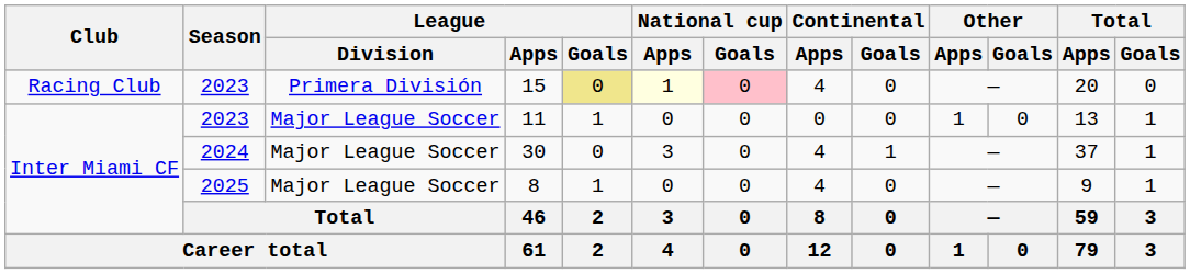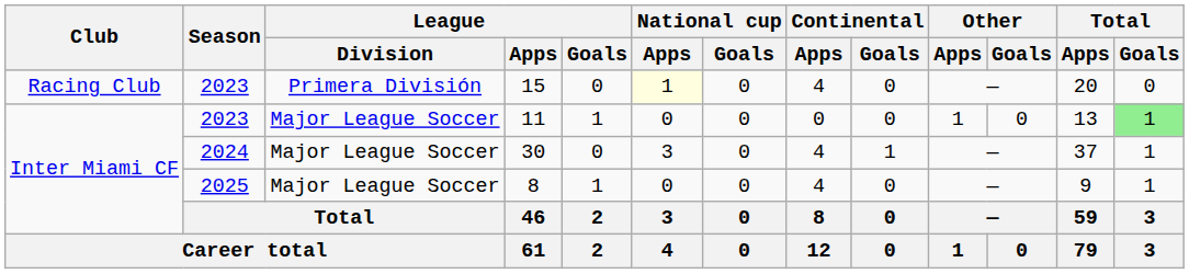 <table class="wikitable" style="text-align:center">
 <tr>
 <th rowspan="2">Club</th>
 <th rowspan="2">Season</th>
 <th colspan="3">League</th>
 <th colspan="2">National cup</th>
 <th colspan="2">Continental</th>
 <th colspan="2">Other</th>
 <th colspan="2">Total</th>
 </tr>
 <tr>
 <th>Division</th>
 <th>Apps</th>
 <th>Goals</th>
 <th>Apps</th>
 <th>Goals</th>
 <th>Apps</th>
 <th>Goals</th>
 <th>Apps</th>
 <th>Goals</th>
 <th>Apps</th>
 <th>Goals</th>
 </tr>
 <tr>
 <td><a href='#'>Racing Club</a></td>
 <td><a href='#'>2023</a></td>
 <td><a href='#'>Primera División</a></td>
 <td>15</td>
-<td style="background: khaki;">0</td>
+<td>0</td>
 <td style="background: lightyellow;">1</td>
-<td style="background: pink;">0</td>
+<td>0</td>
 <td>4</td>
 <td>0</td>
 <td colspan="2">—</td>
 <td>20</td>
 <td>0</td>
 </tr>
 <tr>
 <td rowspan="4"><a href='#'>Inter Miami CF</a></td>
 <td><a href='#'>2023</a></td>
 <td><a href='#'>Major League Soccer</a></td>
 <td>11</td>
 <td>1</td>
 <td>0</td>
 <td>0</td>
 <td>0</td>
 <td>0</td>
 <td>1</td>
 <td>0</td>
 <td>13</td>
-<td>1</td>
+<td style="background: lightgreen;">1</td>
 </tr>
 <tr>
 <td><a href='#'>2024</a></td>
 <td>Major League Soccer</td>
 <td>30</td>
 <td>0</td>
 <td>3</td>
 <td>0</td>
 <td>4</td>
 <td>1</td>
 <td colspan="2">—</td>
 <td>37</td>
 <td>1</td>
 </tr>
 <tr>
 <td><a href='#'>2025</a></td>
 <td>Major League Soccer</td>
 <td>8</td>
 <td>1</td>
 <td>0</td>
 <td>0</td>
 <td>4</td>
 <td>0</td>
 <td colspan="2">—</td>
 <td>9</td>
 <td>1</td>
 </tr>
 <tr>
 <th colspan="2">Total</th>
 <th>46</th>
 <th>2</th>
 <th>3</th>
 <th>0</th>
 <th>8</th>
 <th>0</th>
 <th colspan="2">—</th>
 <th>59</th>
 <th>3</th>
 </tr>
 <tr>
 <th colspan="3">Career total</th>
 <th>61</th>
 <th>2</th>
 <th>4</th>
 <th>0</th>
 <th>12</th>
 <th>0</th>
 <th>1</th>
 <th>0</th>
 <th>79</th>
 <th>3</th>
 </tr>
 </table>
